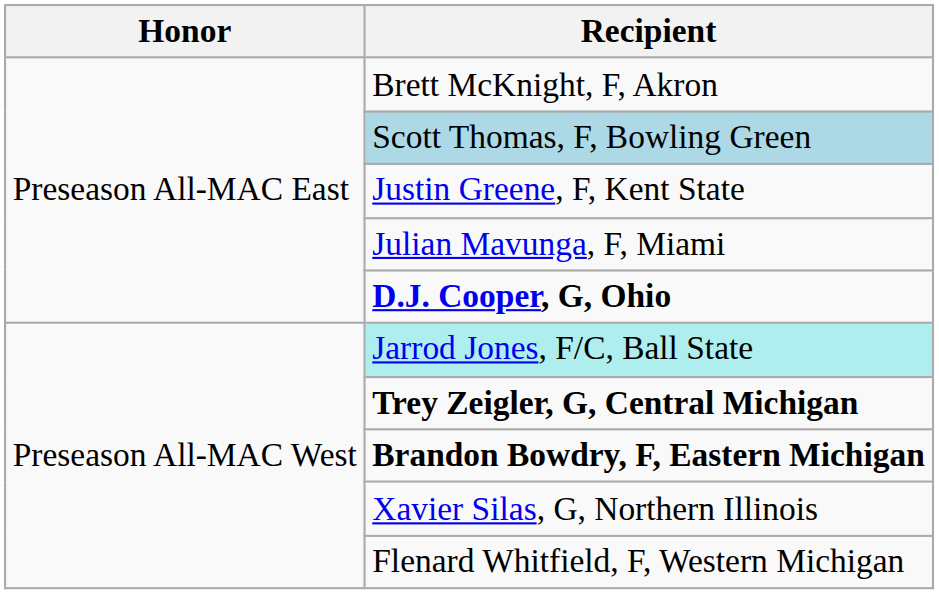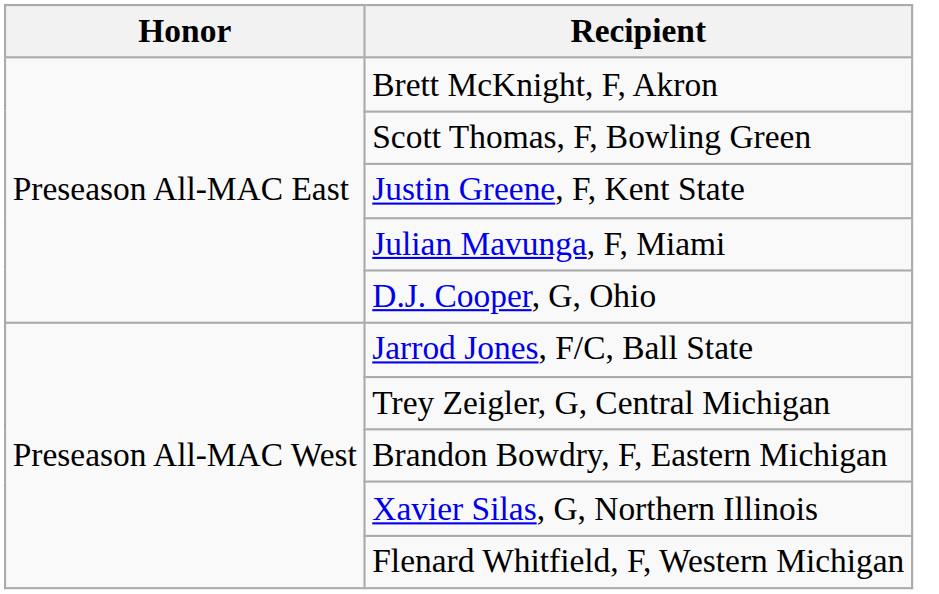 <table class="wikitable" border="1">
 <tr>
 <th>Honor</th>
 <th>Recipient</th>
 </tr>
 <tr>
 <td rowspan=5 valign=middle>Preseason All-MAC East</td>
 <td>Brett McKnight, F, Akron</td>
 </tr>
 <tr>
-<td style="background: lightblue;">Scott Thomas, F, Bowling Green</td>
+<td>Scott Thomas, F, Bowling Green</td>
 </tr>
 <tr>
 <td><a href='#'>Justin Greene</a>, F, Kent State</td>
 </tr>
 <tr>
 <td><a href='#'>Julian Mavunga</a>, F, Miami</td>
 </tr>
 <tr>
-<td><strong><a href='#'>D.J. Cooper</a>, G, Ohio</strong></td>
+<td><a href='#'>D.J. Cooper</a>, G, Ohio</td>
 </tr>
 <tr>
 <td rowspan=6 valign=middle>Preseason All-MAC West</td>
-<td style="background: paleturquoise;"><a href='#'>Jarrod Jones</a>, F/C, Ball State</td>
+<td><a href='#'>Jarrod Jones</a>, F/C, Ball State</td>
 </tr>
 <tr>
-<td><strong>Trey Zeigler, G, Central Michigan</strong></td>
+<td>Trey Zeigler, G, Central Michigan</td>
 </tr>
 <tr>
-<td><strong>Brandon Bowdry, F, Eastern Michigan</strong></td>
+<td>Brandon Bowdry, F, Eastern Michigan</td>
 </tr>
 <tr>
 <td><a href='#'>Xavier Silas</a>, G, Northern Illinois</td>
 </tr>
 <tr>
 <td>Flenard Whitfield, F, Western Michigan</td>
 </tr>
 </table>
